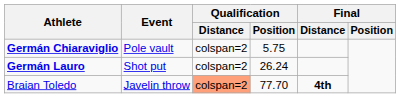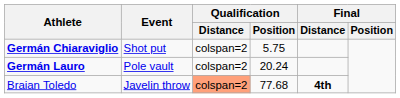 <table class=wikitable style="font-size:90%">
 <tr>
 <th rowspan="2">Athlete</th>
 <th rowspan="2">Event</th>
 <th colspan="2">Qualification</th>
 <th colspan="2">Final</th>
 </tr>
 <tr style="font-size:95%">
 <th>Distance</th>
 <th>Position</th>
 <th>Distance</th>
 <th>Position</th>
 </tr>
 <tr align=center>
 <td align=left><strong><a href='#'>Germán Chiaraviglio</a></strong></td>
-<td align=left><a href='#'>Pole vault</a></td>
+<td align=left><a href='#'>Shot put</a></td>
 <td>colspan=2 </td>
 <td>5.75</td>
 <td></td>
 </tr>
 <tr align=center>
 <td align=left><strong><a href='#'>Germán Lauro</a></strong></td>
-<td align=left><a href='#'>Shot put</a></td>
+<td align=left><a href='#'>Pole vault</a></td>
 <td>colspan=2 </td>
-<td>26.24</td>
+<td>20.24</td>
 <td></td>
 </tr>
 <tr align=center>
 <td align=left><a href='#'>Braian Toledo</a></td>
 <td align=left><a href='#'>Javelin throw</a></td>
 <td style="background: lightsalmon;">colspan=2 </td>
-<td>77.70</td>
+<td>77.68</td>
 <td><strong>4th</strong></td>
 </tr>
 </table>
